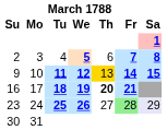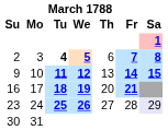 <table class="toccolours" style="text-align:right;float:left;width:14em;margin-right:1em;" cellpadding=2 cellspacing=0>
 <tr class="calendar-purple">
 <td></td>
 <th colspan="5" style="text-align: center;">March 1788</th>
 <td></td>
 </tr>
 <tr class="calendar-purple" style="border: none;">
 <th scope="col" width="14.2857%" title="Sunday">Su</th>
 <th scope="col" width="14.2857%" title="Monday">Mo</th>
 <th scope="col" width="14.2857%" title="Tuesday">Tu</th>
 <th scope="col" width="14.2857%" title="Wednesday">We</th>
 <th scope="col" width="14.2857%" title="Thursday">Th</th>
 <th scope="col" width="14.2857%" title="Friday">Fr</th>
 <th scope="col" width="14.2857%" title="Saturday">Sa</th>
 </tr>
 <tr>
 </tr>
 <tr>
 <td></td>
 <td></td>
 <td></td>
 <td></td>
 <td></td>
 <td></td>
 <td style="background-color:#FFBFBF"><strong><a href='#'>1</a></strong></td>
 </tr>
 <tr>
 <td>2</td>
 <td>3</td>
-<td>4</td>
+<td><strong>4</strong></td>
 <td style="background-color:#FFDFBF"><strong><a href='#'>5</a></strong></td>
 <td>6</td>
 <td style="background-color:#BFE4FF"><strong><a href='#'>7</a></strong></td>
 <td style="background-color:#BFE4FF"><strong><a href='#'>8</a></strong></td>
 </tr>
 <tr>
 <td>9</td>
 <td>10</td>
 <td style="background-color:#BFE4FF"><strong><a href='#'>11</a></strong></td>
 <td style="background-color:#BFE4FF"><strong><a href='#'>12</a></strong></td>
-<td style="background: gold;">13</td>
+<td>13</td>
 <td style="background-color:#BFE4FF"><strong><a href='#'>14</a></strong></td>
 <td style="background-color:#BFE4FF"><strong><a href='#'>15</a></strong></td>
 </tr>
 <tr>
 <td>16</td>
 <td>17</td>
 <td style="background-color:#BFE4FF"><strong><a href='#'>18</a></strong></td>
 <td style="background-color:#BFE4FF"><strong><a href='#'>19</a></strong></td>
-<td><strong>20</strong></td>
+<td>20</td>
 <td style="background-color:#BFE4FF"><strong><a href='#'>21</a></strong></td>
 <td style="background-color:#A8A8A8"><strong><a href='#'></a></strong></td>
 </tr>
 <tr>
 <td>23</td>
 <td>24</td>
 <td style="background-color:#BFE4FF"><strong><a href='#'>25</a></strong></td>
 <td style="background-color:#BFE4FF"><strong><a href='#'>26</a></strong></td>
 <td>27</td>
-<td style="background: lightgreen;">28</td>
+<td>28</td>
 <td style="background: lavender;">29</td>
 </tr>
 <tr>
 <td>30</td>
 <td>31</td>
 <td colspan=5> </td>
 </tr>
 <tr class="calendar-purple">
 </tr>
 <tr class="calendar-purple">
 </tr>
 </table>
